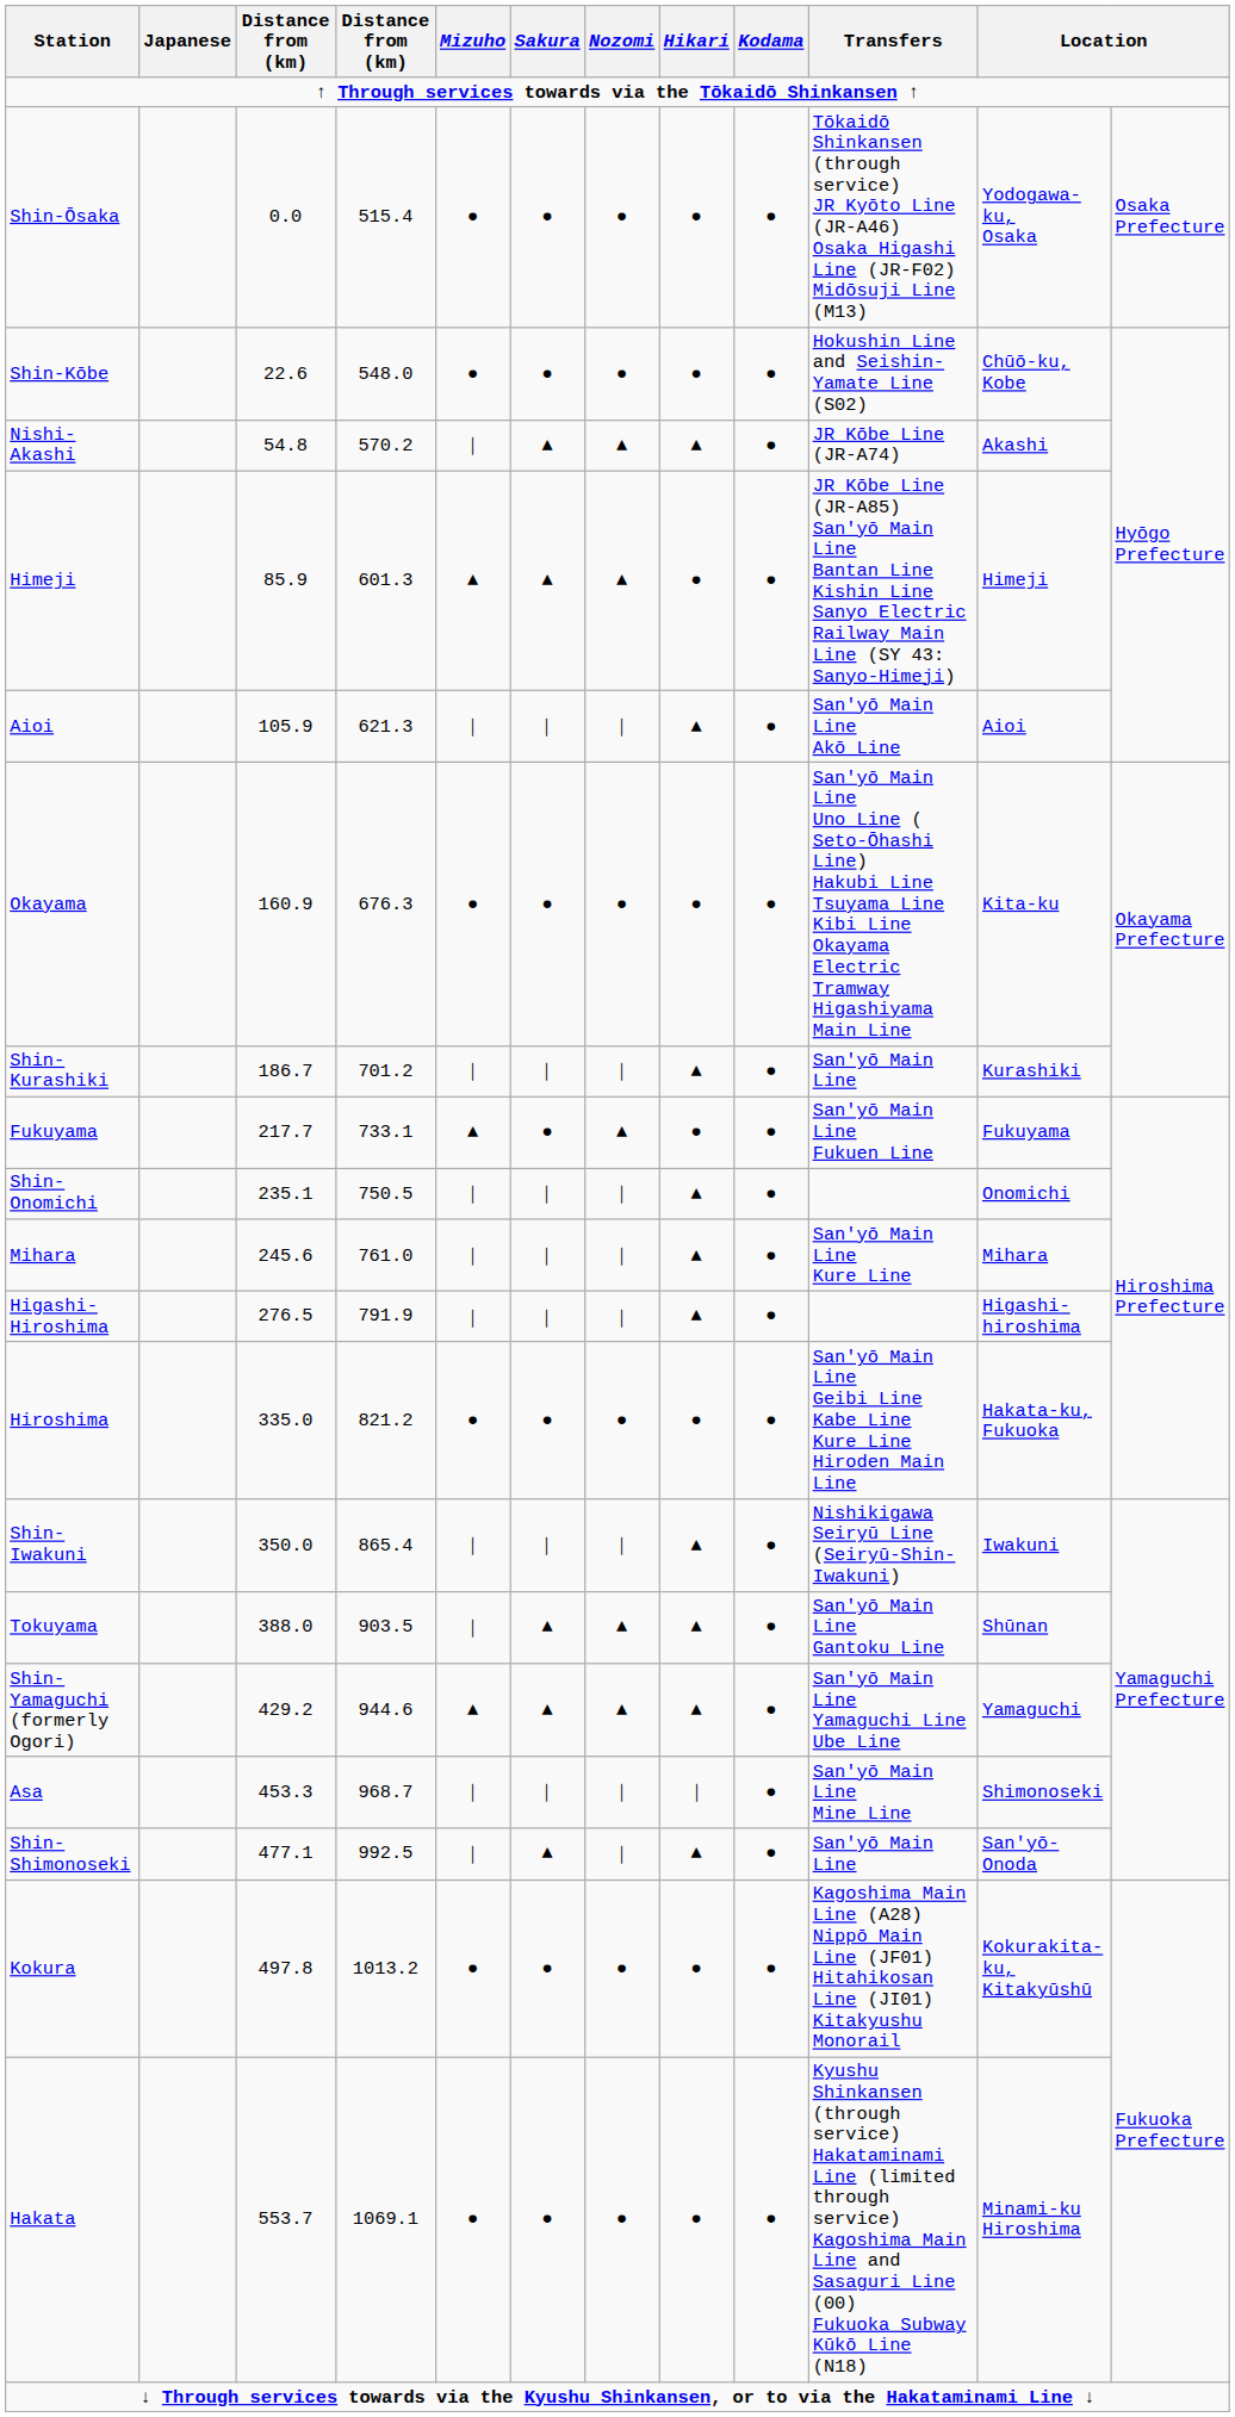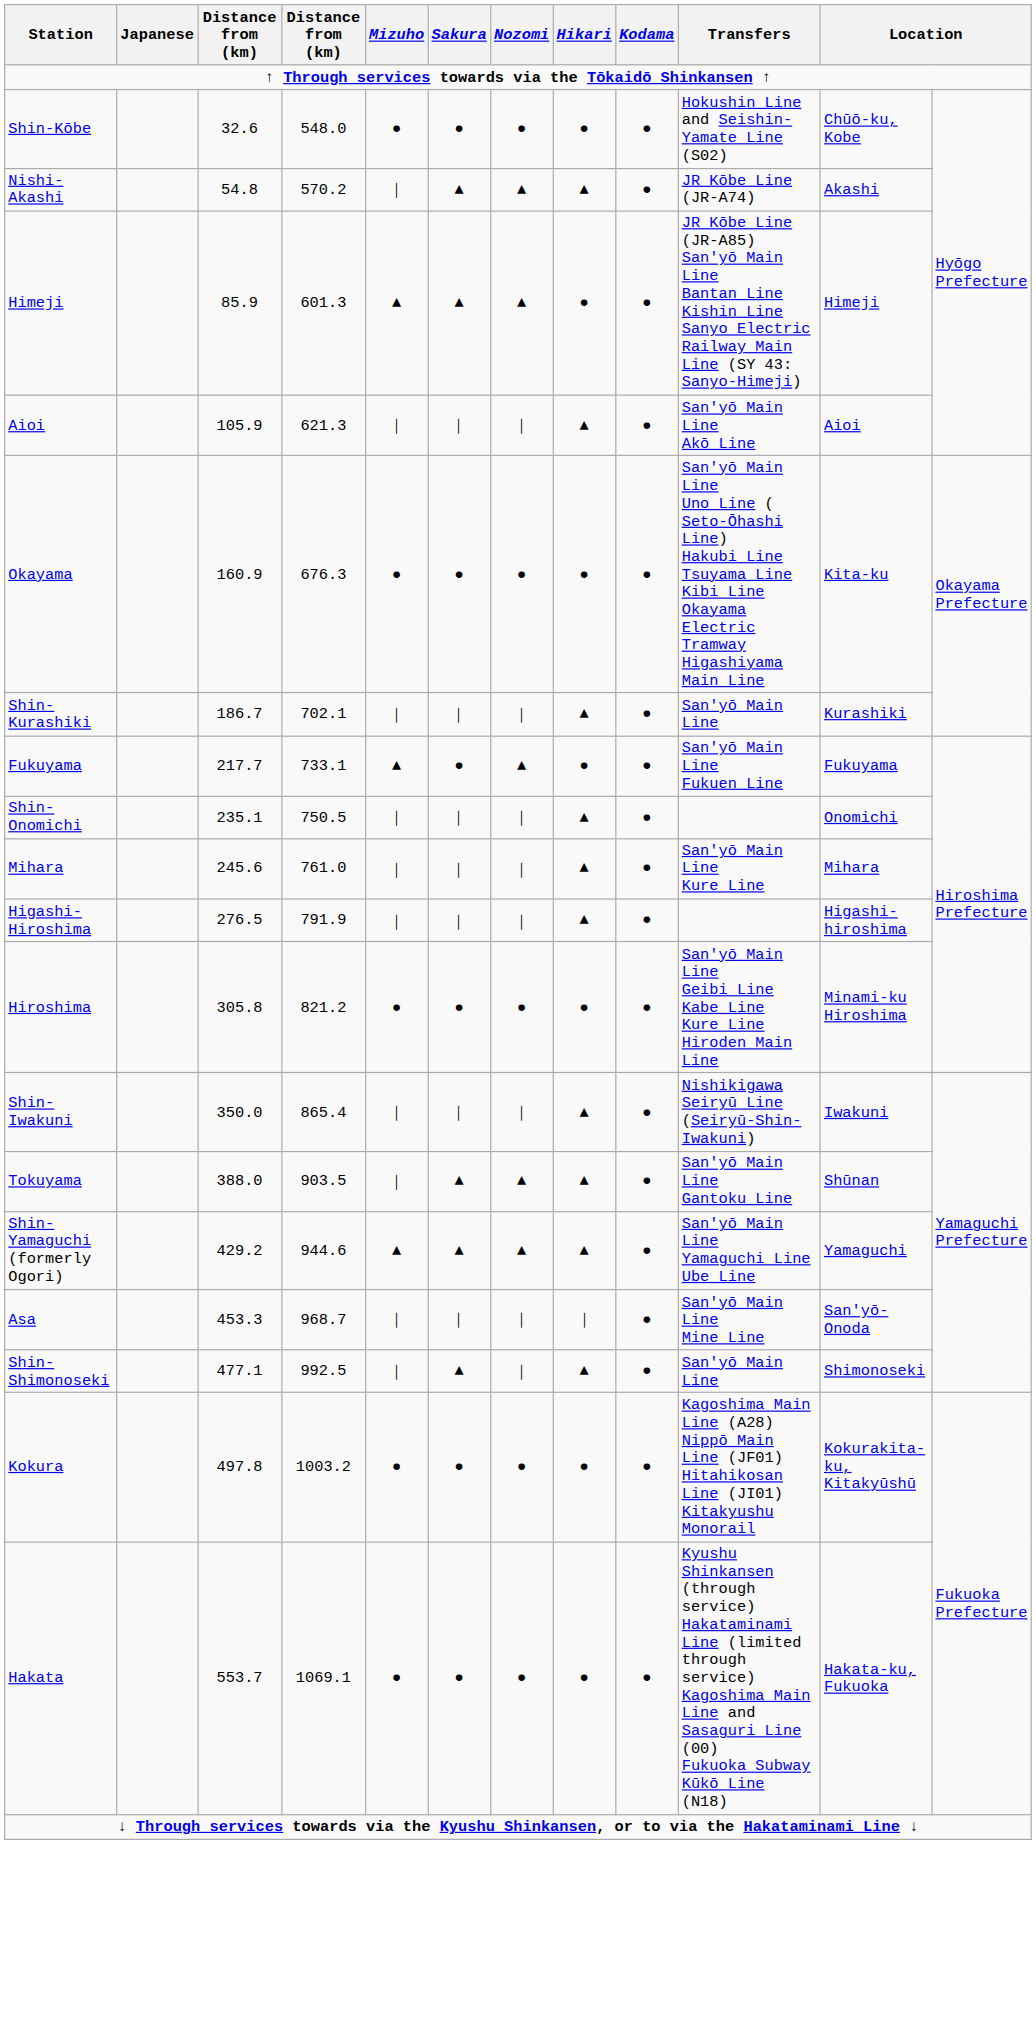 <table class=wikitable>
 <tr>
 <th>Station</th>
 <th>Japanese</th>
 <th>Distance from<br> (km)</th>
 <th>Distance from<br> (km)</th>
 <th><em><a href='#'>Mizuho</a></em></th>
 <th><em><a href='#'>Sakura</a></em></th>
 <th><em><a href='#'>Nozomi</a></em></th>
 <th><em><a href='#'>Hikari</a></em></th>
 <th><em><a href='#'>Kodama</a></em></th>
 <th>Transfers</th>
 <th colspan="2">Location</th>
 </tr>
 <tr>
 <td align="center" colspan="12"><strong>↑ <a href='#'>Through services</a> towards  via the <a href='#'>Tōkaidō Shinkansen</a> ↑</strong></td>
 </tr>
 <tr>
-<td><a href='#'>Shin-Ōsaka</a></td>
-<td></td>
-<td align=center>0.0</td>
-<td align=center>515.4</td>
-<td style="text-align:center;">●</td>
-<td style="text-align:center;">●</td>
-<td style="text-align:center;">●</td>
-<td style="text-align:center;">●</td>
-<td style="text-align:center;">●</td>
-<td> <a href='#'>Tōkaidō Shinkansen</a> (through service)<br> <a href='#'>JR Kyōto Line</a> (JR-A46)<br> <a href='#'>Osaka Higashi Line</a> (JR-F02)<br> <a href='#'>Midōsuji Line</a> (M13)</td>
-<td><a href='#'>Yodogawa-ku,<br>Osaka</a></td>
-<td><a href='#'>Osaka<br>Prefecture</a></td>
-</tr>
-<tr>
 <td><a href='#'>Shin-Kōbe</a></td>
 <td></td>
-<td align=center>22.6</td>
+<td align=center>32.6</td>
 <td align=center>548.0</td>
 <td style="text-align:center;">●</td>
 <td style="text-align:center;">●</td>
 <td style="text-align:center;">●</td>
 <td style="text-align:center;">●</td>
 <td style="text-align:center;">●</td>
 <td> <a href='#'>Hokushin Line</a> and   <a href='#'>Seishin-Yamate Line</a> (S02)</td>
 <td><a href='#'>Chūō-ku,<br>Kobe</a></td>
 <td rowspan="4"><a href='#'>Hyōgo<br>Prefecture</a></td>
 </tr>
 <tr>
 <td><a href='#'>Nishi-Akashi</a></td>
 <td></td>
 <td align=center>54.8</td>
 <td align=center>570.2</td>
 <td style="text-align:center;">｜</td>
 <td style="text-align:center;">▲</td>
 <td style="text-align:center;">▲</td>
 <td style="text-align:center;">▲</td>
 <td style="text-align:center;">●</td>
 <td> <a href='#'>JR Kōbe Line</a> (JR-A74)</td>
 <td><a href='#'>Akashi</a></td>
 </tr>
 <tr>
 <td><a href='#'>Himeji</a></td>
 <td></td>
 <td align=center>85.9</td>
 <td align=center>601.3</td>
 <td style="text-align:center;">▲</td>
 <td style="text-align:center;">▲</td>
 <td style="text-align:center;">▲</td>
 <td style="text-align:center;">●</td>
 <td style="text-align:center;">●</td>
 <td> <a href='#'>JR Kōbe Line</a> (JR-A85)<br> <a href='#'>San'yō Main Line</a><br> <a href='#'>Bantan Line</a><br> <a href='#'>Kishin Line</a><br> <a href='#'>Sanyo Electric Railway Main Line</a> (SY 43: <a href='#'>Sanyo-Himeji</a>)</td>
 <td><a href='#'>Himeji</a></td>
 </tr>
 <tr>
 <td><a href='#'>Aioi</a></td>
 <td></td>
 <td align=center>105.9</td>
 <td align=center>621.3</td>
 <td style="text-align:center;">｜</td>
 <td style="text-align:center;">｜</td>
 <td style="text-align:center;">｜</td>
 <td style="text-align:center;">▲</td>
 <td style="text-align:center;">●</td>
 <td> <a href='#'>San'yō Main Line</a><br> <a href='#'>Akō Line</a></td>
 <td><a href='#'>Aioi</a></td>
 </tr>
 <tr>
 <td><a href='#'>Okayama</a></td>
 <td></td>
 <td align=center>160.9</td>
 <td align=center>676.3</td>
 <td style="text-align:center;">●</td>
 <td style="text-align:center;">●</td>
 <td style="text-align:center;">●</td>
 <td style="text-align:center;">●</td>
 <td style="text-align:center;">●</td>
 <td>  <a href='#'>San'yō Main Line</a><br> <a href='#'>Uno Line</a> ( <a href='#'>Seto-Ōhashi Line</a>)<br> <a href='#'>Hakubi Line</a><br> <a href='#'>Tsuyama Line</a><br> <a href='#'>Kibi Line</a><br> <a href='#'>Okayama Electric Tramway</a> <a href='#'>Higashiyama Main Line</a></td>
 <td><a href='#'>Kita-ku</a></td>
 <td rowspan="2"><a href='#'>Okayama<br>Prefecture</a></td>
 </tr>
 <tr>
 <td><a href='#'>Shin-Kurashiki</a></td>
 <td></td>
 <td align=center>186.7</td>
-<td align=center>701.2</td>
+<td align=center>702.1</td>
 <td style="text-align:center;">｜</td>
 <td style="text-align:center;">｜</td>
 <td style="text-align:center;">｜</td>
 <td style="text-align:center;">▲</td>
 <td style="text-align:center;">●</td>
 <td> <a href='#'>San'yō Main Line</a></td>
 <td><a href='#'>Kurashiki</a></td>
 </tr>
 <tr>
 <td><a href='#'>Fukuyama</a></td>
 <td></td>
 <td align=center>217.7</td>
 <td align=center>733.1</td>
 <td style="text-align:center;">▲</td>
 <td style="text-align:center;">●</td>
 <td style="text-align:center;">▲</td>
 <td style="text-align:center;">●</td>
 <td style="text-align:center;">●</td>
 <td>  <a href='#'>San'yō Main Line</a><br> <a href='#'>Fukuen Line</a></td>
 <td><a href='#'>Fukuyama</a></td>
 <td rowspan="5"><a href='#'>Hiroshima<br>Prefecture</a></td>
 </tr>
 <tr>
 <td><a href='#'>Shin-Onomichi</a></td>
 <td></td>
 <td align=center>235.1</td>
 <td align=center>750.5</td>
 <td style="text-align:center;">｜</td>
 <td style="text-align:center;">｜</td>
 <td style="text-align:center;">｜</td>
 <td style="text-align:center;">▲</td>
 <td style="text-align:center;">●</td>
 <td> </td>
 <td><a href='#'>Onomichi</a></td>
 </tr>
 <tr>
 <td><a href='#'>Mihara</a></td>
 <td></td>
 <td align=center>245.6</td>
 <td align=center>761.0</td>
 <td style="text-align:center;">｜</td>
 <td style="text-align:center;">｜</td>
 <td style="text-align:center;">｜</td>
 <td style="text-align:center;">▲</td>
 <td style="text-align:center;">●</td>
 <td> <a href='#'>San'yō Main Line</a><br> <a href='#'>Kure Line</a></td>
 <td><a href='#'>Mihara</a></td>
 </tr>
 <tr>
 <td><a href='#'>Higashi-Hiroshima</a></td>
 <td></td>
 <td align=center>276.5</td>
 <td align=center>791.9</td>
 <td style="text-align:center;">｜</td>
 <td style="text-align:center;">｜</td>
 <td style="text-align:center;">｜</td>
 <td style="text-align:center;">▲</td>
 <td style="text-align:center;">●</td>
 <td> </td>
 <td><a href='#'>Higashi­hiroshima</a></td>
 </tr>
 <tr>
 <td><a href='#'>Hiroshima</a></td>
 <td></td>
-<td align=center>335.0</td>
+<td align=center>305.8</td>
 <td align=center>821.2</td>
 <td style="text-align:center;">●</td>
 <td style="text-align:center;">●</td>
 <td style="text-align:center;">●</td>
 <td style="text-align:center;">●</td>
 <td style="text-align:center;">●</td>
 <td>  <a href='#'>San'yō Main Line</a><br> <a href='#'>Geibi Line</a><br> <a href='#'>Kabe Line</a><br> <a href='#'>Kure Line</a><br>  <a href='#'>Hiroden Main Line</a></td>
-<td><a href='#'>Hakata-ku,<br>Fukuoka</a></td>
+<td><a href='#'>Minami-ku<br>Hiroshima</a></td>
 </tr>
 <tr>
 <td><a href='#'>Shin-Iwakuni</a></td>
 <td></td>
 <td align=center>350.0</td>
 <td align=center>865.4</td>
 <td style="text-align:center;">｜</td>
 <td style="text-align:center;">｜</td>
 <td style="text-align:center;">｜</td>
 <td style="text-align:center;">▲</td>
 <td style="text-align:center;">●</td>
 <td><a href='#'>Nishikigawa Seiryū Line</a> (<a href='#'>Seiryū-Shin-Iwakuni</a>)</td>
 <td><a href='#'>Iwakuni</a></td>
 <td rowspan="5"><a href='#'>Yamaguchi<br>Prefecture</a></td>
 </tr>
 <tr>
 <td><a href='#'>Tokuyama</a></td>
 <td></td>
 <td align=center>388.0</td>
 <td align=center>903.5</td>
 <td style="text-align:center;">｜</td>
 <td style="text-align:center;">▲</td>
 <td style="text-align:center;">▲</td>
 <td style="text-align:center;">▲</td>
 <td style="text-align:center;">●</td>
 <td> <a href='#'>San'yō Main Line</a><br> <a href='#'>Gantoku Line</a></td>
 <td><a href='#'>Shūnan</a></td>
 </tr>
 <tr>
 <td><a href='#'>Shin-Yamaguchi</a><br>(formerly Ogori)</td>
 <td></td>
 <td align=center>429.2</td>
 <td align=center>944.6</td>
 <td style="text-align:center;">▲</td>
 <td style="text-align:center;">▲</td>
 <td style="text-align:center;">▲</td>
 <td style="text-align:center;">▲</td>
 <td style="text-align:center;">●</td>
 <td> <a href='#'>San'yō Main Line</a><br> <a href='#'>Yamaguchi Line</a><br> <a href='#'>Ube Line</a></td>
 <td><a href='#'>Yamaguchi</a></td>
 </tr>
 <tr>
 <td><a href='#'>Asa</a></td>
 <td></td>
 <td align=center>453.3</td>
 <td align=center>968.7</td>
 <td style="text-align:center;">｜</td>
 <td style="text-align:center;">｜</td>
 <td style="text-align:center;">｜</td>
 <td style="text-align:center;">｜</td>
 <td style="text-align:center;">●</td>
 <td> <a href='#'>San'yō Main Line</a><br> <a href='#'>Mine Line</a></td>
-<td><a href='#'>Shimonoseki</a></td>
+<td><a href='#'>San'yō-Onoda</a></td>
 </tr>
 <tr>
 <td><a href='#'>Shin-Shimonoseki</a></td>
 <td></td>
 <td align=center>477.1</td>
 <td align=center>992.5</td>
 <td style="text-align:center;">｜</td>
 <td style="text-align:center;">▲</td>
 <td style="text-align:center;">｜</td>
 <td style="text-align:center;">▲</td>
 <td style="text-align:center;">●</td>
 <td> <a href='#'>San'yō Main Line</a></td>
-<td><a href='#'>San'yō-Onoda</a></td>
+<td><a href='#'>Shimonoseki</a></td>
 </tr>
 <tr>
 <td><a href='#'>Kokura</a></td>
 <td></td>
 <td align=center>497.8</td>
-<td align=center>1013.2</td>
+<td align=center>1003.2</td>
 <td style="text-align:center;">●</td>
 <td style="text-align:center;">●</td>
 <td style="text-align:center;">●</td>
 <td style="text-align:center;">●</td>
 <td style="text-align:center;">●</td>
 <td> <a href='#'>Kagoshima Main Line</a> (A28)<br> <a href='#'>Nippō Main Line</a> (JF01)<br> <a href='#'>Hitahikosan Line</a> (JI01)<br> <a href='#'>Kitakyushu Monorail</a></td>
 <td><a href='#'>Kokurakita-ku,<br>Kitakyūshū</a></td>
 <td rowspan="2"><a href='#'>Fukuoka<br>Prefecture</a></td>
 </tr>
 <tr>
 <td><a href='#'>Hakata</a></td>
 <td></td>
 <td align=center>553.7</td>
 <td align=center>1069.1</td>
 <td style="text-align:center;">●</td>
 <td style="text-align:center;">●</td>
 <td style="text-align:center;">●</td>
 <td style="text-align:center;">●</td>
 <td style="text-align:center;">●</td>
 <td> <a href='#'>Kyushu Shinkansen</a> (through service)<br> <a href='#'>Hakataminami Line</a> (limited through service)<br> <a href='#'>Kagoshima Main Line</a> and <a href='#'>Sasaguri Line</a> (00)<br> <a href='#'>Fukuoka Subway Kūkō Line</a><br> (N18)</td>
-<td><a href='#'>Minami-ku<br>Hiroshima</a></td>
+<td><a href='#'>Hakata-ku,<br>Fukuoka</a></td>
 </tr>
 <tr>
 <td align="center" colspan="12"><strong>↓ <a href='#'>Through services</a> towards  via the <a href='#'>Kyushu Shinkansen</a>, or to  via the <a href='#'>Hakataminami Line</a> ↓</strong></td>
 </tr>
 <tr>
 </tr>
 </table>
